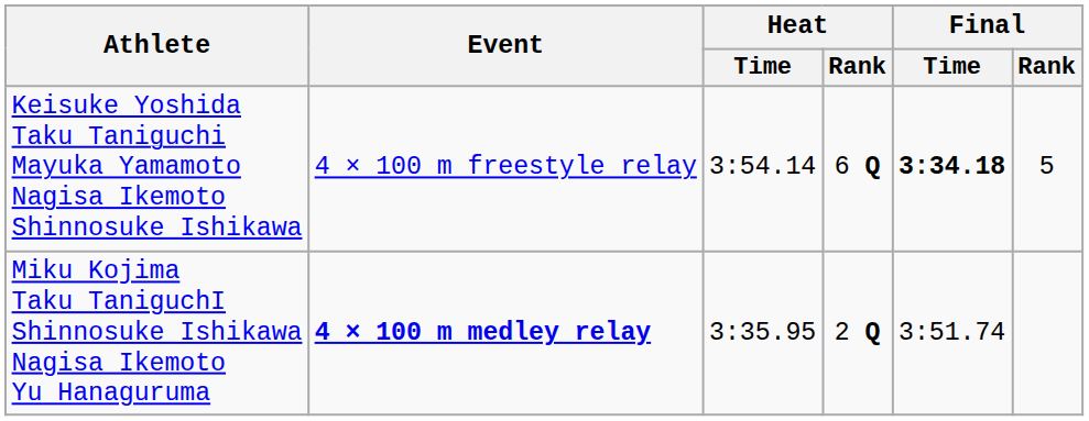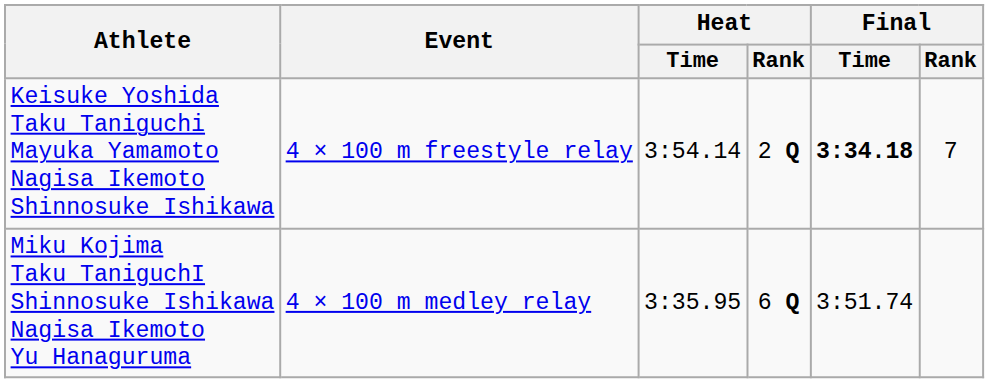 <table class=wikitable style="font-size:90%">
 <tr>
 <th rowspan=2>Athlete</th>
 <th rowspan=2>Event</th>
 <th colspan="2">Heat</th>
 <th colspan="2">Final</th>
 </tr>
 <tr style="font-size:95%">
 <th>Time</th>
 <th>Rank</th>
 <th>Time</th>
 <th>Rank</th>
 </tr>
 <tr align=center>
 <td align=left><a href='#'>Keisuke Yoshida</a><br><a href='#'>Taku Taniguchi</a><br><a href='#'>Mayuka Yamamoto</a><br><a href='#'>Nagisa Ikemoto</a><br><a href='#'>Shinnosuke Ishikawa</a></td>
 <td align=left><a href='#'>4 × 100 m freestyle relay</a></td>
 <td>3:54.14</td>
-<td>6 <strong>Q</strong></td>
+<td>2 <strong>Q</strong></td>
 <td><strong>3:34.18</strong></td>
-<td>5</td>
+<td>7</td>
 </tr>
 <tr align=center>
 <td align=left><a href='#'>Miku Kojima</a><br><a href='#'>Taku TaniguchI</a><br><a href='#'>Shinnosuke Ishikawa</a><br><a href='#'>Nagisa Ikemoto</a><br><a href='#'>Yu Hanaguruma</a></td>
-<td align=left><strong><a href='#'>4 × 100 m medley relay</a></strong></td>
+<td align=left><a href='#'>4 × 100 m medley relay</a></td>
 <td>3:35.95</td>
-<td>2 <strong>Q</strong></td>
+<td>6 <strong>Q</strong></td>
 <td>3:51.74</td>
 <td></td>
 </tr>
 </table>
